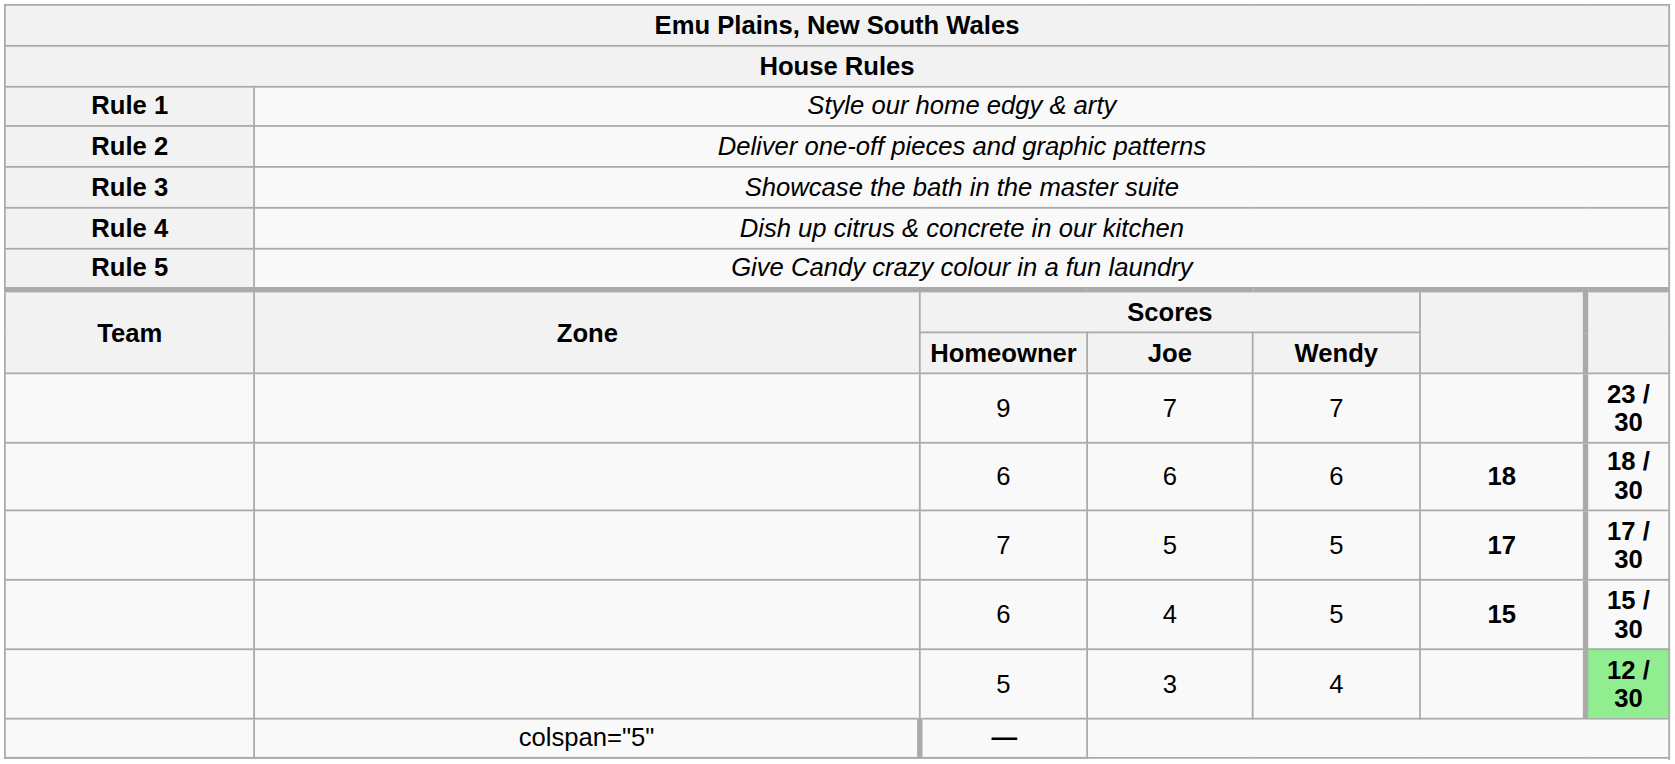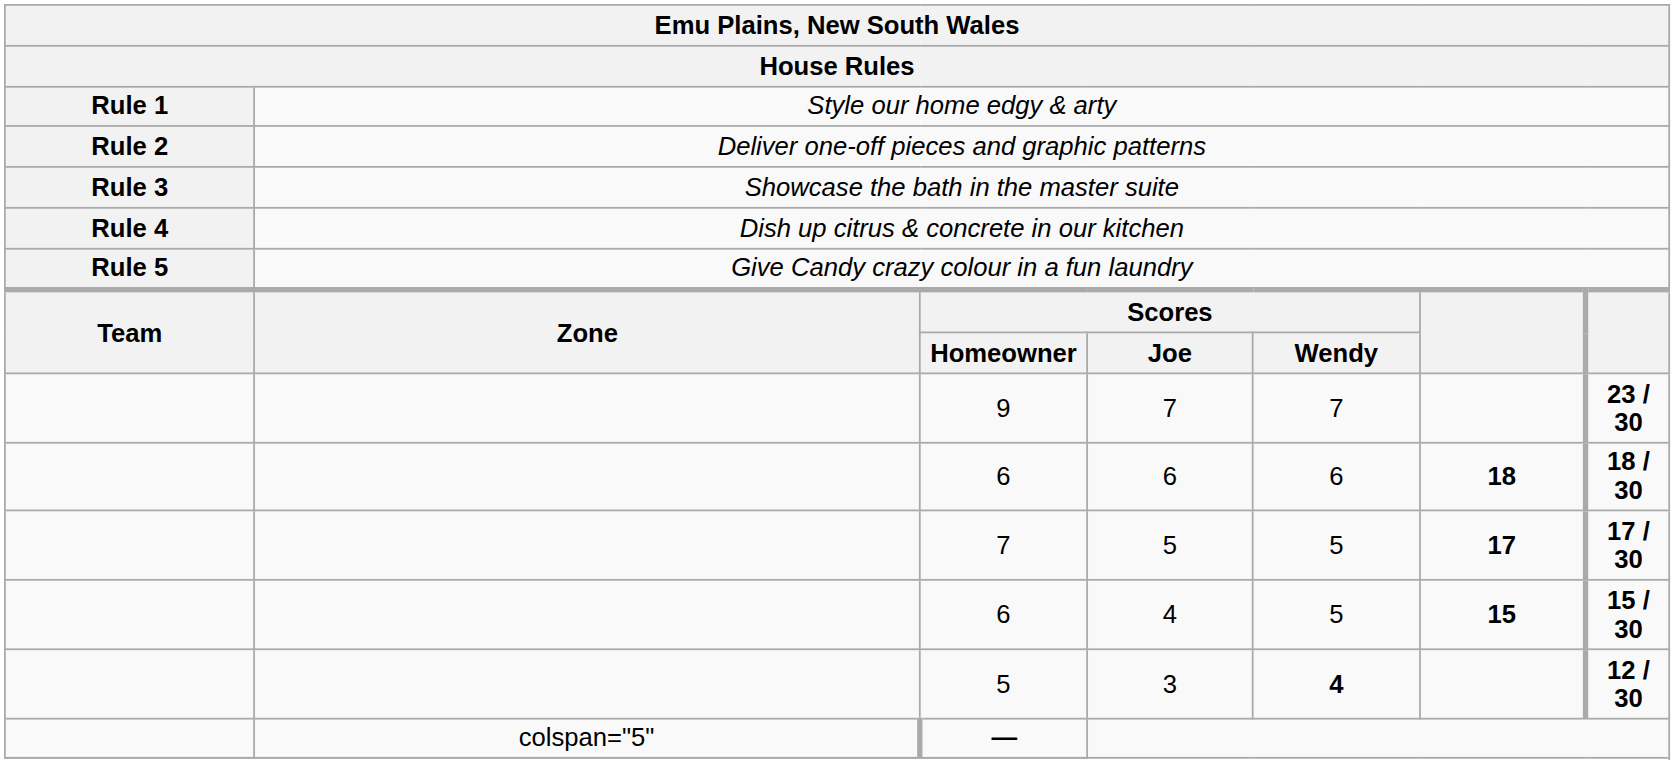 <table class="wikitable plainrowheaders" style="text-align:center; font-size:90%; width:65em;">
 <tr>
 <th colspan="7" >Emu Plains, New South Wales</th>
 </tr>
 <tr>
 <th colspan="7">House Rules</th>
 </tr>
 <tr>
 <th>Rule 1</th>
 <td colspan="6"><em>Style our home edgy & arty</em></td>
 </tr>
 <tr>
 <th>Rule 2</th>
 <td colspan="6"><em>Deliver one-off pieces and graphic patterns</em></td>
 </tr>
 <tr>
 <th>Rule 3</th>
 <td colspan="6"><em>Showcase the bath in the master suite</em></td>
 </tr>
 <tr>
 <th>Rule 4</th>
 <td colspan="6"><em>Dish up citrus & concrete in our kitchen</em></td>
 </tr>
 <tr>
 <th>Rule 5</th>
 <td colspan="6"><em>Give Candy crazy colour in a fun laundry</em></td>
 </tr>
 <tr style="border-top:3px solid #aaa;">
 <th rowspan="2">Team</th>
 <th rowspan="2" style="width:40%;">Zone</th>
 <th colspan="3" style="width:40%;">Scores</th>
 <th rowspan="2" style="width:10%;"></th>
 <th rowspan="2" style="width:10%; border-left:3px solid #aaa;"></th>
 </tr>
 <tr>
 <th style="width:10%;">Homeowner</th>
 <th style="width:10%;">Joe</th>
 <th style="width:10%;">Wendy</th>
 </tr>
 <tr>
 <td style="width:15%;"></td>
 <td></td>
 <td>9</td>
 <td>7</td>
 <td>7</td>
 <td></td>
 <td style="border-left:3px solid #aaa;"><strong>23 / 30</strong></td>
 </tr>
 <tr>
 <td style="width:15%;"></td>
 <td></td>
 <td>6</td>
 <td>6</td>
 <td>6</td>
 <td><strong>18</strong></td>
 <td style="border-left:3px solid #aaa;"><strong>18 / 30</strong></td>
 </tr>
 <tr>
 <td style="width:15%;"></td>
 <td></td>
 <td>7</td>
 <td>5</td>
 <td>5</td>
 <td><strong>17</strong></td>
 <td style="border-left:3px solid #aaa;"><strong>17 / 30</strong></td>
 </tr>
 <tr>
 <td style="width:15%;"></td>
 <td></td>
 <td>6</td>
 <td>4</td>
 <td>5</td>
 <td><strong>15</strong></td>
 <td style="border-left:3px solid #aaa;"><strong>15 / 30</strong></td>
 </tr>
 <tr>
 <td style="width:15%;"></td>
 <td></td>
 <td>5</td>
 <td>3</td>
-<td>4</td>
+<td><strong>4</strong></td>
 <td></td>
-<td style="background: lightgreen; border-left:3px solid #aaa;"><strong>12 / 30</strong></td>
+<td style="border-left:3px solid #aaa;"><strong>12 / 30</strong></td>
 </tr>
 <tr>
 <td style="width:15%;"></td>
 <td>colspan="5" </td>
 <td style="border-left:3px solid #aaa;"><strong>—</strong></td>
 </tr>
 <tr>
 </tr>
 </table>
